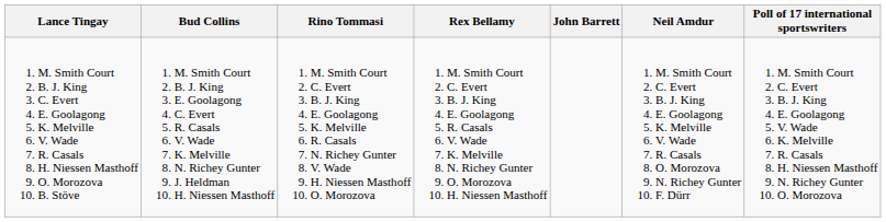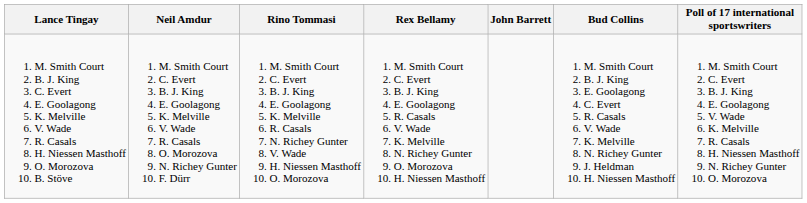 <table class="wikitable">
 <tr>
 <th>Lance Tingay<strong></strong></th>
-<th>Bud Collins</th>
+<th>Neil Amdur</th>
 <th>Rino Tommasi</th>
 <th>Rex Bellamy</th>
 <th>John Barrett</th>
-<th>Neil Amdur</th>
+<th>Bud Collins</th>
 <th>Poll of 17 international<br>sportswriters</th>
 </tr>
 <tr style="vertical-align: top;">
 <td style="white-space: nowrap;"><br><ol><li> M. Smith Court</li><li> B. J. King</li><li> C. Evert</li><li> E. Goolagong</li><li> K. Melville</li><li> V. Wade</li><li> R. Casals</li><li> H. Niessen Masthoff</li><li> O. Morozova</li><li> B. Stöve</li></ol></td>
-<td style="white-space: nowrap;"><br><ol><li> M. Smith Court</li><li> B. J. King</li><li> E. Goolagong</li><li> C. Evert</li><li> R. Casals</li><li> V. Wade</li><li> K. Melville</li><li> N. Richey Gunter</li><li> J. Heldman</li><li> H. Niessen Masthoff</li></ol></td>
+<td style="white-space: nowrap;"><br><ol><li> M. Smith Court</li><li> C. Evert</li><li> B. J. King</li><li> E. Goolagong</li><li> K. Melville</li><li> V. Wade</li><li> R. Casals</li><li> O. Morozova</li><li> N. Richey Gunter</li><li> F. Dürr</li></ol></td>
 <td style="white-space: nowrap;"><br><ol><li> M. Smith Court</li><li> C. Evert</li><li> B. J. King</li><li> E. Goolagong</li><li> K. Melville</li><li> R. Casals</li><li> N. Richey Gunter</li><li> V. Wade</li><li> H. Niessen Masthoff</li><li> O. Morozova</li></ol></td>
 <td style="white-space: nowrap;"><br><ol><li> M. Smith Court</li><li> C. Evert</li><li> B. J. King</li><li> E. Goolagong</li><li> R. Casals</li><li> V. Wade</li><li> K. Melville</li><li> N. Richey Gunter</li><li> O. Morozova</li><li> H. Niessen Masthoff</li></ol></td>
 <td></td>
-<td style="white-space: nowrap;"><br><ol><li> M. Smith Court</li><li> C. Evert</li><li> B. J. King</li><li> E. Goolagong</li><li> K. Melville</li><li> V. Wade</li><li> R. Casals</li><li> O. Morozova</li><li> N. Richey Gunter</li><li> F. Dürr</li></ol></td>
+<td style="white-space: nowrap;"><br><ol><li> M. Smith Court</li><li> B. J. King</li><li> E. Goolagong</li><li> C. Evert</li><li> R. Casals</li><li> V. Wade</li><li> K. Melville</li><li> N. Richey Gunter</li><li> J. Heldman</li><li> H. Niessen Masthoff</li></ol></td>
 <td style="white-space: nowrap;"><br><ol><li> M. Smith Court</li><li> C. Evert</li><li> B. J. King</li><li> E. Goolagong</li><li> V. Wade</li><li> K. Melville</li><li> R. Casals</li><li> H. Niessen Masthoff</li><li> N. Richey Gunter</li><li> O. Morozova</li></ol></td>
 </tr>
 </table>
